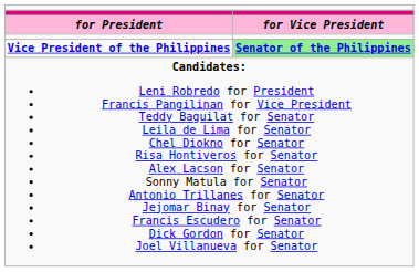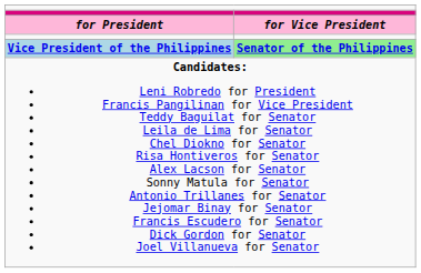 <table class="wikitable" style="text-align:center">
 <tr>
 <td colspan="2"><strong></strong></td>
 </tr>
 <tr>
 <td style="background-color:#D9027D;"><strong></strong></td>
 <td style="background-color:#D9027D;"><strong></strong></td>
 </tr>
 <tr>
 <td style="background-color:#FEB7D9;"><strong><em>for President</em></strong></td>
 <td style="background-color:#FEB7D9;"><strong><em>for Vice President</em></strong></td>
 </tr>
 <tr>
 <td></td>
 <td></td>
 </tr>
 <tr>
-<td><strong><a href='#'>Vice President of the Philippines</a></strong><br></td>
+<td style="background: lightblue;"><strong><a href='#'>Vice President of the Philippines</a></strong><br></td>
 <td style="background: lightgreen;"><strong><a href='#'>Senator of the Philippines</a></strong><br></td>
 </tr>
 <tr>
 <td colspan="2"><strong>Candidates:</strong><br><ul><li><a href='#'>Leni Robredo</a> for <a href='#'>President</a></li><li><a href='#'>Francis Pangilinan</a> for <a href='#'>Vice President</a></li><li><a href='#'>Teddy Baguilat</a> for <a href='#'>Senator</a></li><li><a href='#'>Leila de Lima</a> for <a href='#'>Senator</a></li><li><a href='#'>Chel Diokno</a> for <a href='#'>Senator</a></li><li><a href='#'>Risa Hontiveros</a> for <a href='#'>Senator</a></li><li><a href='#'>Alex Lacson</a> for <a href='#'>Senator</a></li><li>Sonny Matula for <a href='#'>Senator</a></li><li><a href='#'>Antonio Trillanes</a> for <a href='#'>Senator</a></li><li><a href='#'>Jejomar Binay</a> for <a href='#'>Senator</a></li><li><a href='#'>Francis Escudero</a> for <a href='#'>Senator</a></li><li><a href='#'>Dick Gordon</a> for <a href='#'>Senator</a></li><li><a href='#'>Joel Villanueva</a> for <a href='#'>Senator</a></li></ul></td>
 </tr>
 </table>
